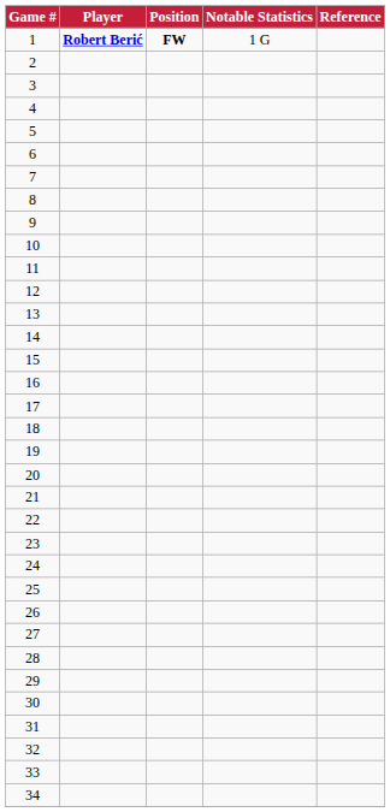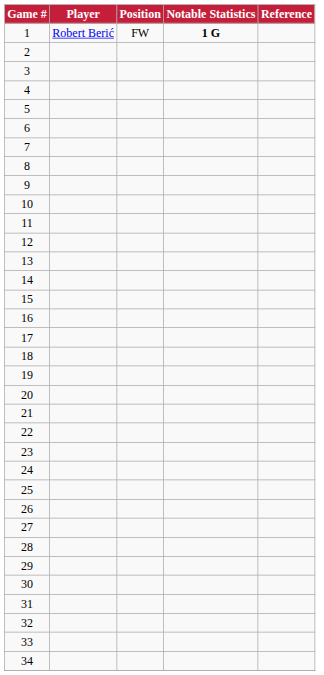 <table class=wikitable>
 <tr>
 <th style="background:#C41E3A; color:white; text-align:center;">Game #</th>
 <th style="background:#C41E3A; color:white; text-align:center;">Player</th>
 <th style="background:#C41E3A; color:white; text-align:center;">Position</th>
 <th style="background:#C41E3A; color:white; text-align:center;">Notable Statistics</th>
 <th style="background:#C41E3A; color:white; text-align:center;">Reference</th>
 </tr>
 <tr>
 <td style="text-align:center;">1</td>
-<td><strong> <a href='#'>Robert Berić</a></strong></td>
-<td style="text-align:center;"><strong>FW</strong></td>
-<td style="text-align:center;">1 G</td>
+<td> <a href='#'>Robert Berić</a></td>
+<td style="text-align:center;">FW</td>
+<td style="text-align:center;"><strong>1 G</strong></td>
 <td style="text-align:center;"></td>
 </tr>
 <tr>
 <td style="text-align:center;">2</td>
 <td></td>
 <td style="text-align:center;"></td>
 <td style="text-align:center;"></td>
 <td style="text-align:center;"></td>
 </tr>
 <tr>
 <td style="text-align:center;">3</td>
 <td></td>
 <td style="text-align:center;"></td>
 <td style="text-align:center;"></td>
 <td style="text-align:center;"></td>
 </tr>
 <tr>
 <td style="text-align:center;">4</td>
 <td></td>
 <td style="text-align:center;"></td>
 <td style="text-align:center;"></td>
 <td style="text-align:center;"></td>
 </tr>
 <tr>
 <td style="text-align:center;">5</td>
 <td></td>
 <td style="text-align:center;"></td>
 <td style="text-align:center;"></td>
 <td style="text-align:center;"></td>
 </tr>
 <tr>
 <td style="text-align:center;">6</td>
 <td></td>
 <td style="text-align:center;"></td>
 <td style="text-align:center;"></td>
 <td style="text-align:center;"></td>
 </tr>
 <tr>
 <td style="text-align:center;">7</td>
 <td></td>
 <td style="text-align:center;"></td>
 <td style="text-align:center;"></td>
 <td style="text-align:center;"></td>
 </tr>
 <tr>
 <td style="text-align:center;">8</td>
 <td></td>
 <td style="text-align:center;"></td>
 <td style="text-align:center;"></td>
 <td style="text-align:center;"></td>
 </tr>
 <tr>
 <td style="text-align:center;">9</td>
 <td></td>
 <td style="text-align:center;"></td>
 <td style="text-align:center;"></td>
 <td style="text-align:center;"></td>
 </tr>
 <tr>
 <td style="text-align:center;">10</td>
 <td></td>
 <td style="text-align:center;"></td>
 <td style="text-align:center;"></td>
 <td style="text-align:center;"></td>
 </tr>
 <tr>
 <td style="text-align:center;">11</td>
 <td></td>
 <td style="text-align:center;"></td>
 <td style="text-align:center;"></td>
 <td style="text-align:center;"></td>
 </tr>
 <tr>
 <td style="text-align:center;">12</td>
 <td></td>
 <td style="text-align:center;"></td>
 <td style="text-align:center;"></td>
 <td style="text-align:center;"></td>
 </tr>
 <tr>
 <td style="text-align:center;">13</td>
 <td></td>
 <td style="text-align:center;"></td>
 <td style="text-align:center;"></td>
 <td style="text-align:center;"></td>
 </tr>
 <tr>
 <td style="text-align:center;">14</td>
 <td></td>
 <td style="text-align:center;"></td>
 <td style="text-align:center;"></td>
 <td style="text-align:center;"></td>
 </tr>
 <tr>
 <td style="text-align:center;">15</td>
 <td></td>
 <td style="text-align:center;"></td>
 <td style="text-align:center;"></td>
 <td style="text-align:center;"></td>
 </tr>
 <tr>
 <td style="text-align:center;">16</td>
 <td></td>
 <td style="text-align:center;"></td>
 <td style="text-align:center;"></td>
 <td style="text-align:center;"></td>
 </tr>
 <tr>
 <td style="text-align:center;">17</td>
 <td></td>
 <td style="text-align:center;"></td>
 <td style="text-align:center;"></td>
 <td style="text-align:center;"></td>
 </tr>
 <tr>
 <td style="text-align:center;">18</td>
 <td></td>
 <td style="text-align:center;"></td>
 <td style="text-align:center;"></td>
 <td style="text-align:center;"></td>
 </tr>
 <tr>
 <td style="text-align:center;">19</td>
 <td></td>
 <td style="text-align:center;"></td>
 <td style="text-align:center;"></td>
 <td style="text-align:center;"></td>
 </tr>
 <tr>
 <td style="text-align:center;">20</td>
 <td></td>
 <td style="text-align:center;"></td>
 <td style="text-align:center;"></td>
 <td style="text-align:center;"></td>
 </tr>
 <tr>
 <td style="text-align:center;">21</td>
 <td></td>
 <td style="text-align:center;"></td>
 <td style="text-align:center;"></td>
 <td style="text-align:center;"></td>
 </tr>
 <tr>
 <td style="text-align:center;">22</td>
 <td></td>
 <td style="text-align:center;"></td>
 <td style="text-align:center;"></td>
 <td style="text-align:center;"></td>
 </tr>
 <tr>
 <td style="text-align:center;">23</td>
 <td></td>
 <td style="text-align:center;"></td>
 <td style="text-align:center;"></td>
 <td style="text-align:center;"></td>
 </tr>
 <tr>
 <td style="text-align:center;">24</td>
 <td></td>
 <td style="text-align:center;"></td>
 <td style="text-align:center;"></td>
 <td style="text-align:center;"></td>
 </tr>
 <tr>
 <td style="text-align:center;">25</td>
 <td></td>
 <td style="text-align:center;"></td>
 <td style="text-align:center;"></td>
 <td style="text-align:center;"></td>
 </tr>
 <tr>
 <td style="text-align:center;">26</td>
 <td></td>
 <td style="text-align:center;"></td>
 <td style="text-align:center;"></td>
 <td style="text-align:center;"></td>
 </tr>
 <tr>
 <td style="text-align:center;">27</td>
 <td></td>
 <td style="text-align:center;"></td>
 <td style="text-align:center;"></td>
 <td style="text-align:center;"></td>
 </tr>
 <tr>
 <td style="text-align:center;">28</td>
 <td></td>
 <td style="text-align:center;"></td>
 <td style="text-align:center;"></td>
 <td style="text-align:center;"></td>
 </tr>
 <tr>
 <td style="text-align:center;">29</td>
 <td></td>
 <td style="text-align:center;"></td>
 <td style="text-align:center;"></td>
 <td style="text-align:center;"></td>
 </tr>
 <tr>
 <td style="text-align:center;">30</td>
 <td></td>
 <td style="text-align:center;"></td>
 <td style="text-align:center;"></td>
 <td style="text-align:center;"></td>
 </tr>
 <tr>
 <td style="text-align:center;">31</td>
 <td></td>
 <td style="text-align:center;"></td>
 <td style="text-align:center;"></td>
 <td style="text-align:center;"></td>
 </tr>
 <tr>
 <td style="text-align:center;">32</td>
 <td></td>
 <td style="text-align:center;"></td>
 <td style="text-align:center;"></td>
 <td style="text-align:center;"></td>
 </tr>
 <tr>
 <td style="text-align:center;">33</td>
 <td></td>
 <td style="text-align:center;"></td>
 <td style="text-align:center;"></td>
 <td style="text-align:center;"></td>
 </tr>
 <tr>
 <td style="text-align:center;">34</td>
 <td></td>
 <td style="text-align:center;"></td>
 <td style="text-align:center;"></td>
 <td style="text-align:center;"></td>
 </tr>
 <tr>
 </tr>
 </table>
